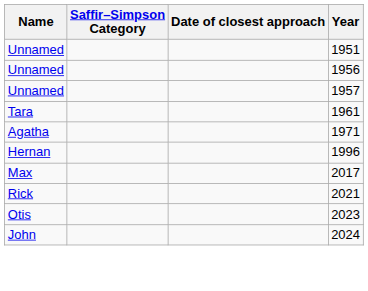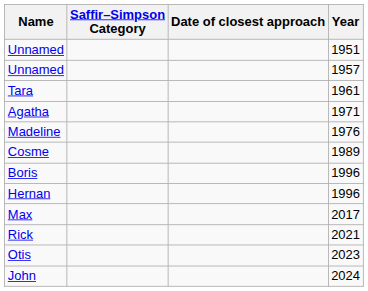 <table class = "wikitable" style="margin:1em auto;">
 <tr>
 <th>Name</th>
 <th><a href='#'>Saffir–Simpson</a><br>Category</th>
 <th>Date of closest approach</th>
 <th>Year</th>
 </tr>
 <tr>
 <td><a href='#'>Unnamed</a></td>
 <td></td>
 <td></td>
 <td>1951</td>
-</tr>
-<tr>
-<td><a href='#'>Unnamed</a></td>
-<td></td>
-<td></td>
-<td>1956</td>
 </tr>
 <tr>
 <td><a href='#'>Unnamed</a></td>
 <td></td>
 <td></td>
 <td>1957</td>
 </tr>
 <tr>
 <td><a href='#'>Tara</a></td>
 <td></td>
 <td></td>
 <td>1961</td>
 </tr>
 <tr>
 <td><a href='#'>Agatha</a></td>
 <td></td>
 <td></td>
 <td>1971</td>
+</tr>
+<tr>
+<td><a href='#'>Madeline</a></td>
+<td></td>
+<td></td>
+<td>1976</td>
+</tr>
+<tr>
+<td><a href='#'>Cosme</a></td>
+<td></td>
+<td></td>
+<td>1989</td>
+</tr>
+<tr>
+<td><a href='#'>Boris</a></td>
+<td></td>
+<td></td>
+<td>1996</td>
 </tr>
 <tr>
 <td><a href='#'>Hernan</a></td>
 <td></td>
 <td></td>
 <td>1996</td>
 </tr>
 <tr>
 <td><a href='#'>Max</a></td>
 <td></td>
 <td></td>
 <td>2017</td>
 </tr>
 <tr>
 <td><a href='#'>Rick</a></td>
 <td></td>
 <td></td>
 <td>2021</td>
 </tr>
 <tr>
 <td><a href='#'>Otis</a></td>
 <td></td>
 <td></td>
 <td>2023</td>
 </tr>
 <tr>
 <td><a href='#'>John</a></td>
 <td></td>
 <td></td>
 <td>2024</td>
 </tr>
 </table>
